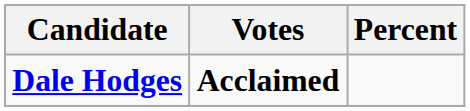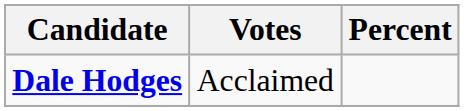 <table class="wikitable">
 <tr>
 <th>Candidate</th>
 <th>Votes</th>
 <th>Percent</th>
 </tr>
 <tr>
 <td style="font-weight:bold;"><a href='#'>Dale Hodges</a></td>
-<td style="text-align:right;"><strong>Acclaimed</strong></td>
+<td style="text-align:right;">Acclaimed</td>
 <td style="text-align:right;"></td>
 </tr>
 <tr>
 </tr>
 </table>
